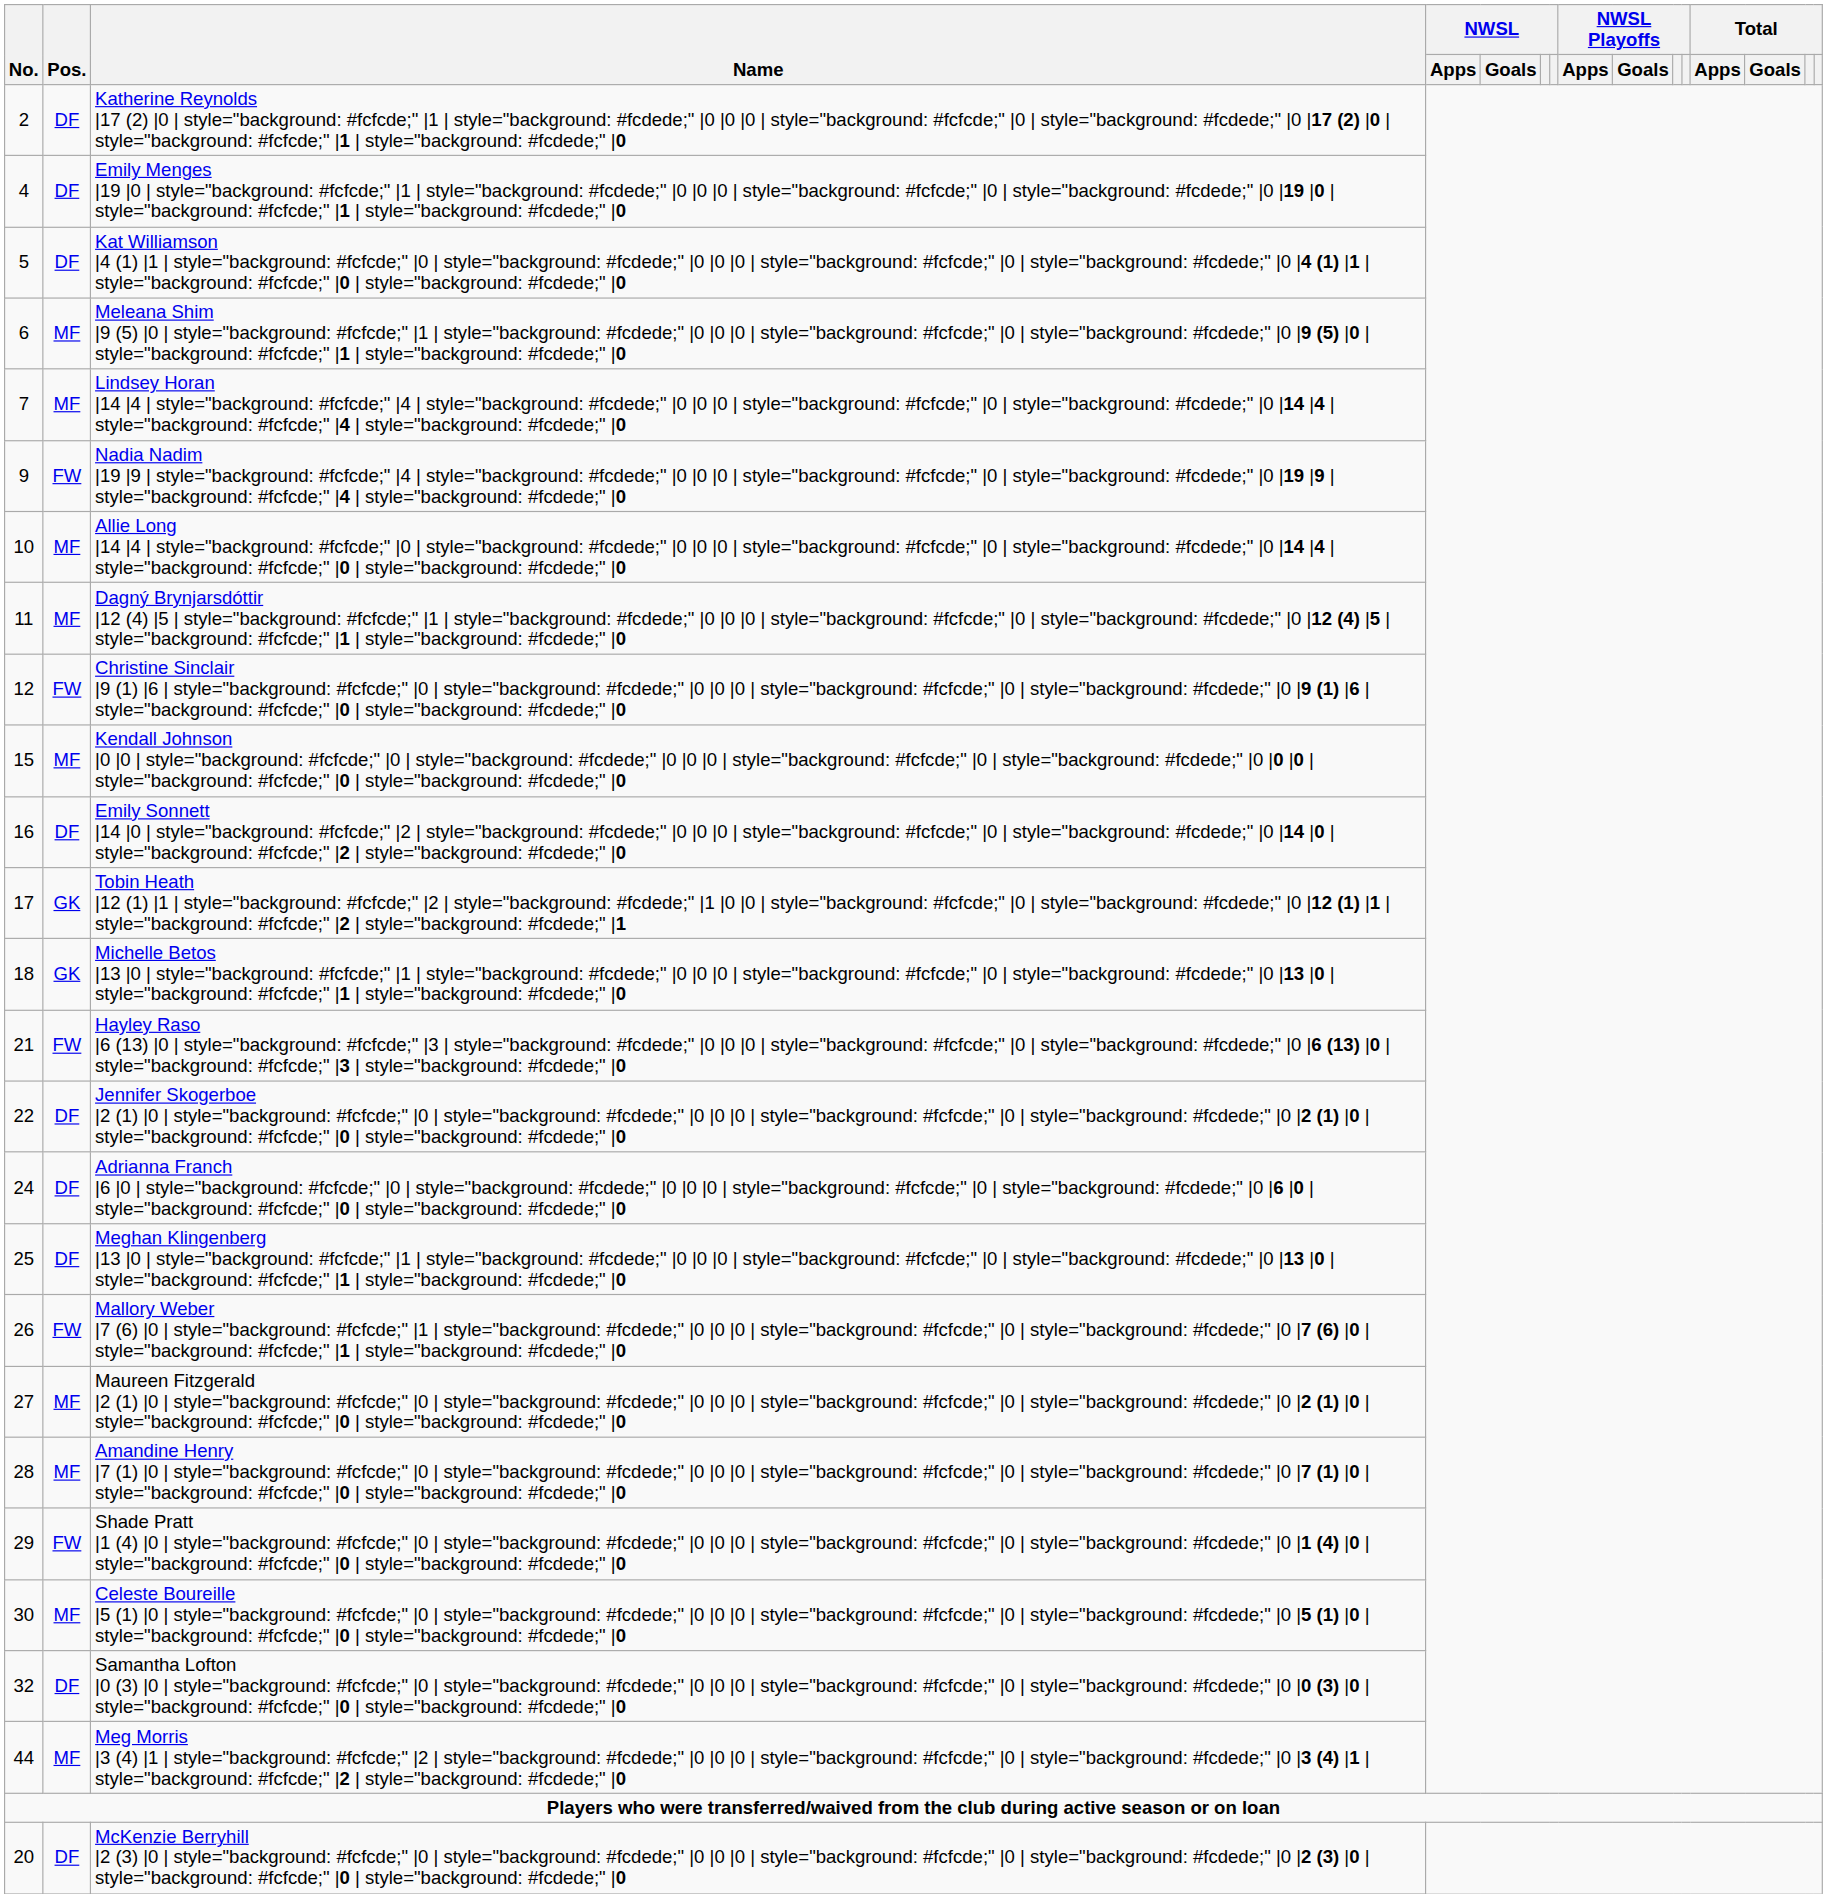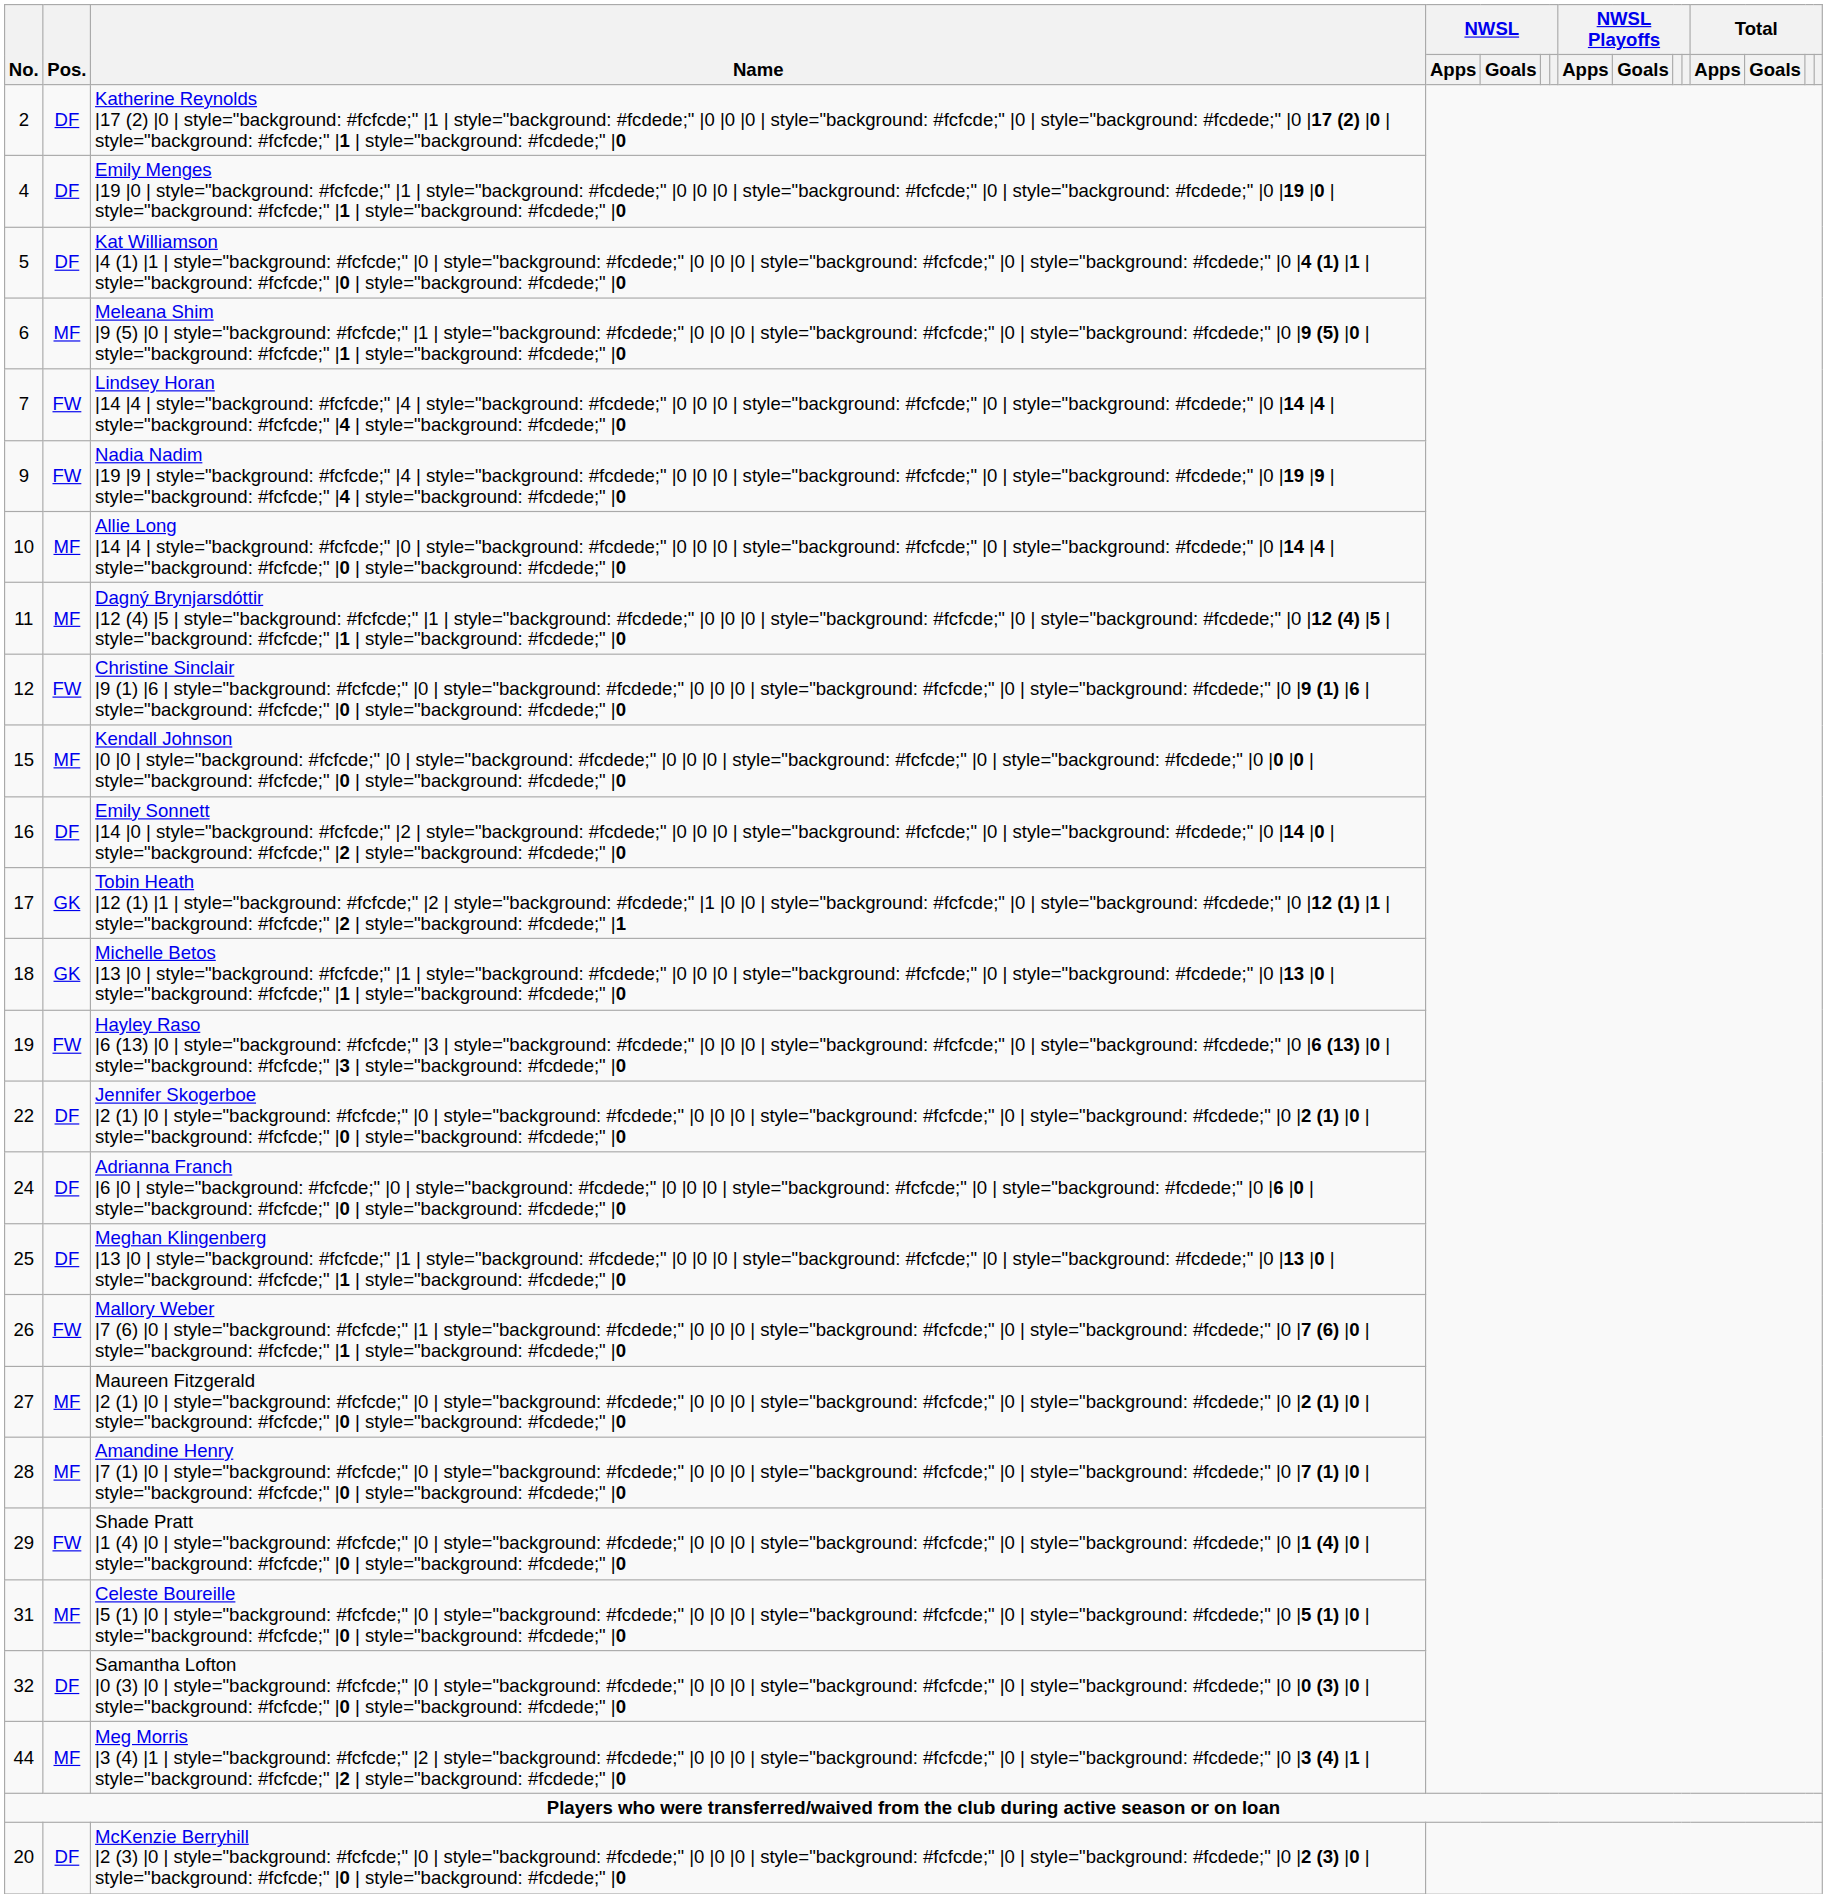 <table class="wikitable" style="text-align:center">
 <tr>
 <th rowspan="2" style="vertical-align:bottom;">No.</th>
 <th rowspan="2" style="vertical-align:bottom;">Pos.</th>
 <th rowspan="2" style="vertical-align:bottom;">Name</th>
 <th colspan="4" style="width:85px;"><a href='#'>NWSL</a></th>
 <th colspan="4" style="width:85px;"><a href='#'>NWSL Playoffs</a></th>
 <th colspan="4" style="width:85px;">Total</th>
 </tr>
 <tr>
 <th>Apps</th>
 <th>Goals</th>
 <th></th>
 <th></th>
 <th>Apps</th>
 <th>Goals</th>
 <th></th>
 <th></th>
 <th>Apps</th>
 <th>Goals</th>
 <th></th>
 <th></th>
 </tr>
 <tr>
 <td>2</td>
 <td><a href='#'>DF</a></td>
 <td align="left"> <a href='#'>Katherine Reynolds</a><br>                                        |17 (2)                                         |0  | style="background: #fcfcde;"      |1     | style="background: #fcdede;"      |0                                       |0                                     |0  | style="background: #fcfcde;"   |0  | style="background: #fcdede;"      |0                                       |<strong>17 (2)</strong>                                      |<strong>0</strong>  | style="background: #fcfcde;"    |<strong>1</strong>  | style="background: #fcdede;"       |<strong>0</strong></td>
 </tr>
 <tr>
 <td>4</td>
 <td><a href='#'>DF</a></td>
 <td align="left"> <a href='#'>Emily Menges</a><br>                                        |19                                        |0  | style="background: #fcfcde;"      |1     | style="background: #fcdede;"      |0                                       |0                                     |0  | style="background: #fcfcde;"   |0  | style="background: #fcdede;"      |0                                       |<strong>19</strong>                                      |<strong>0</strong>  | style="background: #fcfcde;"    |<strong>1</strong>  | style="background: #fcdede;"       |<strong>0</strong></td>
 </tr>
 <tr>
 <td>5</td>
 <td><a href='#'>DF</a></td>
 <td align="left"> <a href='#'>Kat Williamson</a><br>                                        |4 (1)                                        |1  | style="background: #fcfcde;"      |0     | style="background: #fcdede;"      |0                                       |0                                     |0  | style="background: #fcfcde;"   |0  | style="background: #fcdede;"      |0                                       |<strong>4 (1)</strong>                                      |<strong>1</strong>  | style="background: #fcfcde;"    |<strong>0</strong>  | style="background: #fcdede;"       |<strong>0</strong></td>
 </tr>
 <tr>
 <td>6</td>
 <td><a href='#'>MF</a></td>
 <td align="left"> <a href='#'>Meleana Shim</a><br>                                        |9 (5)                                        |0  | style="background: #fcfcde;"      |1     | style="background: #fcdede;"      |0                                       |0                                     |0  | style="background: #fcfcde;"   |0  | style="background: #fcdede;"      |0                                       |<strong>9 (5)</strong>                                      |<strong>0</strong>  | style="background: #fcfcde;"    |<strong>1</strong>  | style="background: #fcdede;"       |<strong>0</strong></td>
 </tr>
 <tr>
 <td>7</td>
-<td><a href='#'>MF</a></td>
+<td><a href='#'>FW</a></td>
 <td align="left"> <a href='#'>Lindsey Horan</a><br>                                        |14                                        |4  | style="background: #fcfcde;"      |4     | style="background: #fcdede;"      |0                                       |0                                     |0  | style="background: #fcfcde;"   |0  | style="background: #fcdede;"      |0                                       |<strong>14</strong>                                      |<strong>4</strong>  | style="background: #fcfcde;"    |<strong>4</strong>  | style="background: #fcdede;"       |<strong>0</strong></td>
 </tr>
 <tr>
 <td>9</td>
 <td><a href='#'>FW</a></td>
 <td align="left"> <a href='#'>Nadia Nadim</a><br>                                        |19                                        |9  | style="background: #fcfcde;"      |4     | style="background: #fcdede;"      |0                                       |0                                     |0  | style="background: #fcfcde;"   |0  | style="background: #fcdede;"      |0                                       |<strong>19</strong>                                      |<strong>9</strong>  | style="background: #fcfcde;"    |<strong>4</strong>  | style="background: #fcdede;"       |<strong>0</strong></td>
 </tr>
 <tr>
 <td>10</td>
 <td><a href='#'>MF</a></td>
 <td align="left"> <a href='#'>Allie Long</a><br>                                        |14                                        |4  | style="background: #fcfcde;"      |0     | style="background: #fcdede;"      |0                                       |0                                     |0  | style="background: #fcfcde;"   |0  | style="background: #fcdede;"      |0                                       |<strong>14</strong>                                      |<strong>4</strong>  | style="background: #fcfcde;"    |<strong>0</strong>  | style="background: #fcdede;"       |<strong>0</strong></td>
 </tr>
 <tr>
 <td>11</td>
 <td><a href='#'>MF</a></td>
 <td align="left"> <a href='#'>Dagný Brynjarsdóttir</a><br>                                        |12 (4)                                        |5  | style="background: #fcfcde;"      |1     | style="background: #fcdede;"      |0                                       |0                                     |0  | style="background: #fcfcde;"   |0  | style="background: #fcdede;"      |0                                       |<strong>12 (4)</strong>                                      |<strong>5</strong>  | style="background: #fcfcde;"    |<strong>1</strong>  | style="background: #fcdede;"       |<strong>0</strong></td>
 </tr>
 <tr>
 <td>12</td>
 <td><a href='#'>FW</a></td>
 <td align="left"> <a href='#'>Christine Sinclair</a><br>                                        |9 (1)                                         |6  | style="background: #fcfcde;"      |0     | style="background: #fcdede;"      |0                                       |0                                     |0  | style="background: #fcfcde;"   |0  | style="background: #fcdede;"      |0                                       |<strong>9 (1)</strong>                                      |<strong>6</strong>  | style="background: #fcfcde;"    |<strong>0</strong>  | style="background: #fcdede;"       |<strong>0</strong></td>
 </tr>
 <tr>
 <td>15</td>
 <td><a href='#'>MF</a></td>
 <td align="left"> <a href='#'>Kendall Johnson</a><br>                                        |0                                         |0  | style="background: #fcfcde;"      |0     | style="background: #fcdede;"      |0                                       |0                                     |0  | style="background: #fcfcde;"   |0  | style="background: #fcdede;"      |0                                       |<strong>0</strong>                                      |<strong>0</strong>  | style="background: #fcfcde;"    |<strong>0</strong>  | style="background: #fcdede;"       |<strong>0</strong></td>
 </tr>
 <tr>
 <td>16</td>
 <td><a href='#'>DF</a></td>
 <td align="left"> <a href='#'>Emily Sonnett</a><br>                                        |14                                        |0  | style="background: #fcfcde;"      |2     | style="background: #fcdede;"      |0                                       |0                                     |0  | style="background: #fcfcde;"   |0  | style="background: #fcdede;"      |0                                       |<strong>14</strong>                                      |<strong>0</strong>  | style="background: #fcfcde;"    |<strong>2</strong>  | style="background: #fcdede;"       |<strong>0</strong></td>
 </tr>
 <tr>
 <td>17</td>
 <td><a href='#'>GK</a></td>
 <td align="left"> <a href='#'>Tobin Heath</a><br>                                        |12 (1)                                        |1  | style="background: #fcfcde;"      |2     | style="background: #fcdede;"      |1                                       |0                                     |0  | style="background: #fcfcde;"   |0  | style="background: #fcdede;"      |0                                       |<strong>12 (1)</strong>                                      |<strong>1</strong>  | style="background: #fcfcde;"    |<strong>2</strong>  | style="background: #fcdede;"       |<strong>1</strong></td>
 </tr>
 <tr>
 <td>18</td>
 <td><a href='#'>GK</a></td>
 <td align="left"> <a href='#'>Michelle Betos</a><br>                                        |13                                        |0  | style="background: #fcfcde;"      |1     | style="background: #fcdede;"      |0                                       |0                                     |0  | style="background: #fcfcde;"   |0  | style="background: #fcdede;"      |0                                       |<strong>13</strong>                                      |<strong>0</strong>  | style="background: #fcfcde;"    |<strong>1</strong>  | style="background: #fcdede;"       |<strong>0</strong></td>
 </tr>
 <tr>
-<td>21</td>
+<td>19</td>
 <td><a href='#'>FW</a></td>
 <td align="left"> <a href='#'>Hayley Raso</a><br>                                        |6 (13)                                         |0  | style="background: #fcfcde;"      |3     | style="background: #fcdede;"      |0                                       |0                                     |0  | style="background: #fcfcde;"   |0  | style="background: #fcdede;"      |0                                       |<strong>6 (13)</strong>                                      |<strong>0</strong>  | style="background: #fcfcde;"    |<strong>3</strong>  | style="background: #fcdede;"       |<strong>0</strong></td>
 </tr>
 <tr>
 <td>22</td>
 <td><a href='#'>DF</a></td>
 <td align="left"> <a href='#'>Jennifer Skogerboe</a><br>                                        |2 (1)                                        |0  | style="background: #fcfcde;"      |0     | style="background: #fcdede;"      |0                                       |0                                     |0  | style="background: #fcfcde;"   |0  | style="background: #fcdede;"      |0                                       |<strong>2 (1)</strong>                                      |<strong>0</strong>  | style="background: #fcfcde;"    |<strong>0</strong>  | style="background: #fcdede;"       |<strong>0</strong></td>
 </tr>
 <tr>
 <td>24</td>
 <td><a href='#'>DF</a></td>
 <td align="left"> <a href='#'>Adrianna Franch</a><br>                                        |6                                         |0  | style="background: #fcfcde;"      |0     | style="background: #fcdede;"      |0                                       |0                                     |0  | style="background: #fcfcde;"   |0  | style="background: #fcdede;"      |0                                       |<strong>6</strong>                                      |<strong>0</strong>  | style="background: #fcfcde;"    |<strong>0</strong>  | style="background: #fcdede;"       |<strong>0</strong></td>
 </tr>
 <tr>
 <td>25</td>
 <td><a href='#'>DF</a></td>
 <td align="left"> <a href='#'>Meghan Klingenberg</a><br>                                        |13                                        |0  | style="background: #fcfcde;"      |1     | style="background: #fcdede;"      |0                                       |0                                     |0  | style="background: #fcfcde;"   |0  | style="background: #fcdede;"      |0                                       |<strong>13</strong>                                      |<strong>0</strong>  | style="background: #fcfcde;"    |<strong>1</strong>  | style="background: #fcdede;"       |<strong>0</strong></td>
 </tr>
 <tr>
 <td>26</td>
 <td><a href='#'>FW</a></td>
 <td align="left"> <a href='#'>Mallory Weber</a><br>                                        |7 (6)                                         |0  | style="background: #fcfcde;"      |1     | style="background: #fcdede;"      |0                                       |0                                     |0  | style="background: #fcfcde;"   |0  | style="background: #fcdede;"      |0                                       |<strong>7 (6)</strong>                                      |<strong>0</strong>  | style="background: #fcfcde;"    |<strong>1</strong>  | style="background: #fcdede;"       |<strong>0</strong></td>
 </tr>
 <tr>
 <td>27</td>
 <td><a href='#'>MF</a></td>
 <td align="left"> Maureen Fitzgerald<br>                                        |2 (1)                                        |0  | style="background: #fcfcde;"      |0     | style="background: #fcdede;"      |0                                       |0                                     |0  | style="background: #fcfcde;"   |0  | style="background: #fcdede;"      |0                                       |<strong>2 (1)</strong>                                      |<strong>0</strong>  | style="background: #fcfcde;"    |<strong>0</strong>  | style="background: #fcdede;"       |<strong>0</strong></td>
 </tr>
 <tr>
 <td>28</td>
 <td><a href='#'>MF</a></td>
 <td align="left"> <a href='#'>Amandine Henry</a><br>                                        |7 (1)                                         |0  | style="background: #fcfcde;"      |0     | style="background: #fcdede;"      |0                                       |0                                     |0  | style="background: #fcfcde;"   |0  | style="background: #fcdede;"      |0                                       |<strong>7 (1)</strong>                                      |<strong>0</strong>  | style="background: #fcfcde;"    |<strong>0</strong>  | style="background: #fcdede;"       |<strong>0</strong></td>
 </tr>
 <tr>
 <td>29</td>
 <td><a href='#'>FW</a></td>
 <td align="left"> Shade Pratt<br>                                        |1 (4)                                         |0  | style="background: #fcfcde;"      |0     | style="background: #fcdede;"      |0                                       |0                                     |0  | style="background: #fcfcde;"   |0  | style="background: #fcdede;"      |0                                       |<strong>1 (4)</strong>                                      |<strong>0</strong>  | style="background: #fcfcde;"    |<strong>0</strong>  | style="background: #fcdede;"       |<strong>0</strong></td>
 </tr>
 <tr>
-<td>30</td>
+<td>31</td>
 <td><a href='#'>MF</a></td>
 <td align="left"> <a href='#'>Celeste Boureille</a><br>                                        |5 (1)                                        |0  | style="background: #fcfcde;"      |0     | style="background: #fcdede;"      |0                                       |0                                     |0  | style="background: #fcfcde;"   |0  | style="background: #fcdede;"      |0                                       |<strong>5 (1)</strong>                                      |<strong>0</strong>  | style="background: #fcfcde;"    |<strong>0</strong>  | style="background: #fcdede;"       |<strong>0</strong></td>
 </tr>
 <tr>
 <td>32</td>
 <td><a href='#'>DF</a></td>
 <td align="left"> Samantha Lofton<br>                                        |0 (3)                                        |0  | style="background: #fcfcde;"      |0     | style="background: #fcdede;"      |0                                       |0                                     |0  | style="background: #fcfcde;"   |0  | style="background: #fcdede;"      |0                                       |<strong>0 (3)</strong>                                      |<strong>0</strong>  | style="background: #fcfcde;"    |<strong>0</strong>  | style="background: #fcdede;"       |<strong>0</strong></td>
 </tr>
 <tr>
 <td>44</td>
 <td><a href='#'>MF</a></td>
 <td align="left"> <a href='#'>Meg Morris</a><br>                                        |3 (4)                                         |1  | style="background: #fcfcde;"      |2     | style="background: #fcdede;"      |0                                       |0                                     |0  | style="background: #fcfcde;"   |0  | style="background: #fcdede;"      |0                                       |<strong>3 (4)</strong>                                      |<strong>1</strong>  | style="background: #fcfcde;"    |<strong>2</strong>  | style="background: #fcdede;"       |<strong>0</strong></td>
 </tr>
 <tr>
 <td colspan="15"><strong>Players who were transferred/waived from the club during active season or on loan</strong></td>
 </tr>
 <tr>
 <td>20</td>
 <td><a href='#'>DF</a></td>
 <td align="left"> <a href='#'>McKenzie Berryhill</a><br>                                        |2 (3)                                        |0  | style="background: #fcfcde;"      |0     | style="background: #fcdede;"      |0                                       |0                                     |0  | style="background: #fcfcde;"   |0  | style="background: #fcdede;"      |0                                       |<strong>2 (3)</strong>                                      |<strong>0</strong>  | style="background: #fcfcde;"    |<strong>0</strong>  | style="background: #fcdede;"       |<strong>0</strong></td>
 </tr>
 <tr>
 </tr>
 </table>
